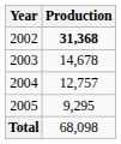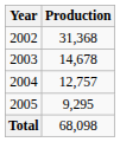 <table class="wikitable" style="text-align: center">
 <tr>
 <th>Year</th>
 <th>Production</th>
 </tr>
 <tr>
 <td>2002</td>
-<td><strong>31,368</strong></td>
+<td>31,368</td>
 </tr>
 <tr>
 <td>2003</td>
 <td>14,678</td>
 </tr>
 <tr>
 <td>2004</td>
 <td>12,757</td>
 </tr>
 <tr>
 <td>2005</td>
 <td>9,295</td>
 </tr>
 <tr>
 <th>Total</th>
 <td>68,098</td>
 </tr>
 </table>
